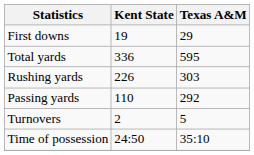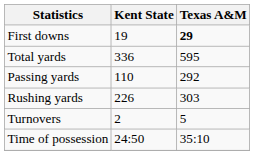 <table class="wikitable">
 <tr>
 <th>Statistics</th>
 <th>Kent State</th>
 <th>Texas A&M</th>
 </tr>
 <tr>
 <td>First downs</td>
 <td>19</td>
-<td>29</td>
+<td><strong>29</strong></td>
 </tr>
 <tr>
 <td>Total yards</td>
 <td>336</td>
 <td>595</td>
 </tr>
 <tr>
+<td>Passing yards</td>
+<td>110</td>
+<td>292</td>
+</tr>
+<tr>
 <td>Rushing yards</td>
 <td>226</td>
 <td>303</td>
-</tr>
-<tr>
-<td>Passing yards</td>
-<td>110</td>
-<td>292</td>
 </tr>
 <tr>
 <td>Turnovers</td>
 <td>2</td>
 <td>5</td>
 </tr>
 <tr>
 <td>Time of possession</td>
 <td>24:50</td>
 <td>35:10</td>
 </tr>
 <tr>
 </tr>
 </table>
